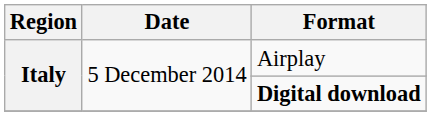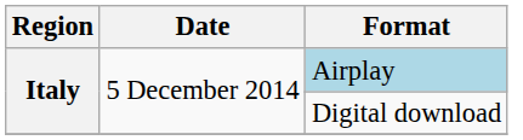 <table class="wikitable plainrowheaders">
 <tr>
 <th>Region</th>
 <th>Date</th>
 <th>Format</th>
 </tr>
 <tr>
 <th scope="row" rowspan="2">Italy</th>
 <td rowspan="2">5 December 2014</td>
-<td>Airplay</td>
+<td style="background: lightblue;">Airplay</td>
 </tr>
 <tr>
-<td><strong>Digital download</strong></td>
+<td>Digital download</td>
 </tr>
 <tr>
 </tr>
 </table>
